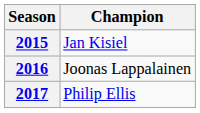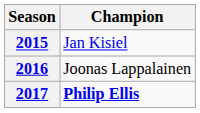 <table class="wikitable">
 <tr>
 <th>Season</th>
 <th>Champion</th>
 </tr>
 <tr>
 <th><a href='#'>2015</a></th>
 <td> <a href='#'>Jan Kisiel</a></td>
 </tr>
 <tr>
 <th><a href='#'>2016</a></th>
 <td> Joonas Lappalainen</td>
 </tr>
 <tr>
 <th><a href='#'>2017</a></th>
-<td> <a href='#'>Philip Ellis</a></td>
+<td><strong> <a href='#'>Philip Ellis</a></strong></td>
 </tr>
 </table>
